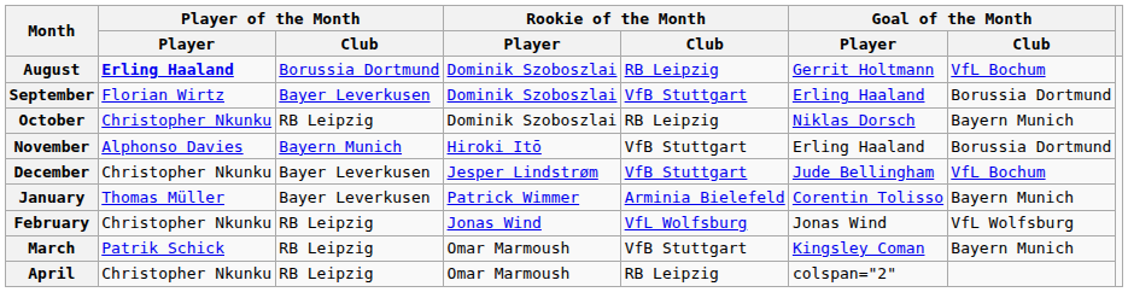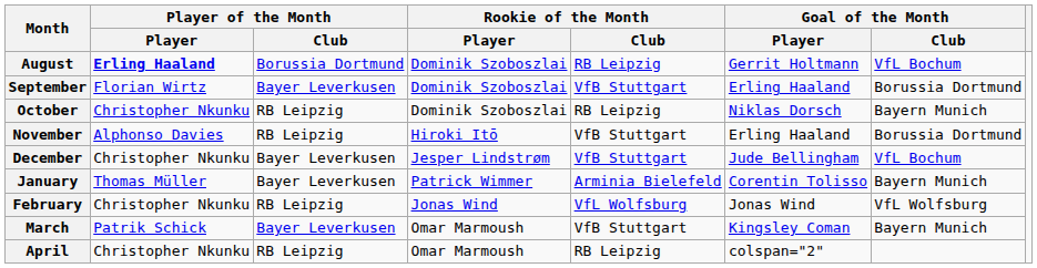 <table class="wikitable">
 <tr>
 <th rowspan="2">Month</th>
 <th colspan="2">Player of the Month</th>
 <th colspan="2">Rookie of the Month</th>
 <th colspan="2">Goal of the Month</th>
 <th rowspan="2"></th>
 </tr>
 <tr>
 <th>Player</th>
 <th>Club</th>
 <th>Player</th>
 <th>Club</th>
 <th>Player</th>
 <th>Club</th>
 </tr>
 <tr>
 <th>August</th>
 <td><strong> <a href='#'>Erling Haaland</a></strong></td>
 <td><a href='#'>Borussia Dortmund</a></td>
 <td> <a href='#'>Dominik Szoboszlai</a></td>
 <td><a href='#'>RB Leipzig</a></td>
 <td> <a href='#'>Gerrit Holtmann</a></td>
 <td><a href='#'>VfL Bochum</a></td>
 <td rowspan="9"></td>
 </tr>
 <tr>
 <th>September</th>
 <td> <a href='#'>Florian Wirtz</a></td>
 <td><a href='#'>Bayer Leverkusen</a></td>
 <td> <a href='#'>Dominik Szoboszlai</a></td>
 <td><a href='#'>VfB Stuttgart</a></td>
 <td> <a href='#'>Erling Haaland</a></td>
 <td>Borussia Dortmund</td>
 </tr>
 <tr>
 <th>October</th>
 <td> <a href='#'>Christopher Nkunku</a></td>
 <td>RB Leipzig</td>
 <td> Dominik Szoboszlai</td>
 <td>RB Leipzig</td>
 <td> <a href='#'>Niklas Dorsch</a></td>
 <td>Bayern Munich</td>
 </tr>
 <tr>
 <th>November</th>
 <td> <a href='#'>Alphonso Davies</a></td>
-<td><a href='#'>Bayern Munich</a></td>
+<td>RB Leipzig</td>
 <td> <a href='#'>Hiroki Itō</a></td>
 <td>VfB Stuttgart</td>
 <td> Erling Haaland</td>
 <td>Borussia Dortmund</td>
 </tr>
 <tr>
 <th>December</th>
 <td> Christopher Nkunku</td>
 <td>Bayer Leverkusen</td>
 <td> <a href='#'>Jesper Lindstrøm</a></td>
 <td><a href='#'>VfB Stuttgart</a></td>
 <td> <a href='#'>Jude Bellingham</a></td>
 <td><a href='#'>VfL Bochum</a></td>
 </tr>
 <tr>
 <th>January</th>
 <td> <a href='#'>Thomas Müller</a></td>
 <td>Bayer Leverkusen</td>
 <td> <a href='#'>Patrick Wimmer</a></td>
 <td><a href='#'>Arminia Bielefeld</a></td>
 <td> <a href='#'>Corentin Tolisso</a></td>
 <td>Bayern Munich</td>
 </tr>
 <tr>
 <th>February</th>
 <td> Christopher Nkunku</td>
 <td>RB Leipzig</td>
 <td> <a href='#'>Jonas Wind</a></td>
 <td><a href='#'>VfL Wolfsburg</a></td>
 <td> Jonas Wind</td>
 <td>VfL Wolfsburg</td>
 </tr>
 <tr>
 <th>March</th>
 <td> <a href='#'>Patrik Schick</a></td>
-<td>RB Leipzig</td>
+<td><a href='#'>Bayer Leverkusen</a></td>
 <td> Omar Marmoush</td>
 <td>VfB Stuttgart</td>
 <td> <a href='#'>Kingsley Coman</a></td>
 <td>Bayern Munich</td>
 </tr>
 <tr>
 <th>April</th>
 <td> Christopher Nkunku</td>
 <td>RB Leipzig</td>
 <td> Omar Marmoush</td>
 <td>RB Leipzig</td>
 <td>colspan="2" </td>
 </tr>
 </table>
